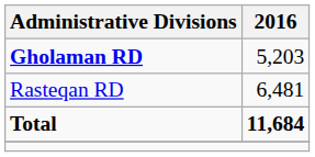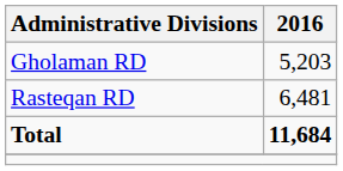 <table class="wikitable">
 <tr>
 <th>Administrative Divisions</th>
 <th>2016</th>
 </tr>
 <tr>
-<td><strong><a href='#'>Gholaman RD</a></strong></td>
+<td><a href='#'>Gholaman RD</a></td>
 <td style="text-align: right;">5,203</td>
 </tr>
 <tr>
 <td><a href='#'>Rasteqan RD</a></td>
 <td style="text-align: right;">6,481</td>
 </tr>
 <tr>
 <td><strong>Total</strong></td>
 <td style="text-align: right;"><strong>11,684</strong></td>
 </tr>
 <tr>
 </tr>
 <tr>
 <td colspan=2></td>
 </tr>
 </table>
